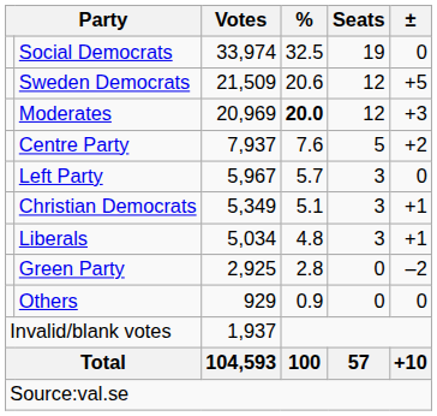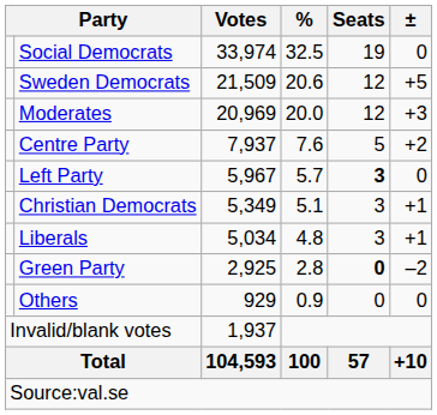 <table class=wikitable style=text-align:right>
 <tr>
 <th colspan=2>Party</th>
 <th>Votes</th>
 <th>%</th>
 <th>Seats</th>
 <th>±</th>
 </tr>
 <tr>
 <td bgcolor=></td>
 <td align=left><a href='#'>Social Democrats</a></td>
 <td>33,974</td>
 <td>32.5</td>
 <td>19</td>
 <td>0</td>
 </tr>
 <tr>
 <td bgcolor=></td>
 <td align=left><a href='#'>Sweden Democrats</a></td>
 <td>21,509</td>
 <td>20.6</td>
 <td>12</td>
 <td>+5</td>
 </tr>
 <tr>
 <td bgcolor=></td>
 <td align=left><a href='#'>Moderates</a></td>
 <td>20,969</td>
-<td><strong>20.0</strong></td>
+<td>20.0</td>
 <td>12</td>
 <td>+3</td>
 </tr>
 <tr>
 <td bgcolor=></td>
 <td align=left><a href='#'>Centre Party</a></td>
 <td>7,937</td>
 <td>7.6</td>
 <td>5</td>
 <td>+2</td>
 </tr>
 <tr>
 <td bgcolor=></td>
 <td align=left><a href='#'>Left Party</a></td>
 <td>5,967</td>
 <td>5.7</td>
-<td>3</td>
+<td><strong>3</strong></td>
 <td>0</td>
 </tr>
 <tr>
 <td bgcolor=></td>
 <td align=left><a href='#'>Christian Democrats</a></td>
 <td>5,349</td>
 <td>5.1</td>
 <td>3</td>
 <td>+1</td>
 </tr>
 <tr>
 <td bgcolor=></td>
 <td align=left><a href='#'>Liberals</a></td>
 <td>5,034</td>
 <td>4.8</td>
 <td>3</td>
 <td>+1</td>
 </tr>
 <tr>
 <td bgcolor=></td>
 <td align=left><a href='#'>Green Party</a></td>
 <td>2,925</td>
 <td>2.8</td>
-<td>0</td>
+<td><strong>0</strong></td>
 <td>–2</td>
 </tr>
 <tr>
 <td></td>
 <td align=left><a href='#'>Others</a></td>
 <td>929</td>
 <td>0.9</td>
 <td>0</td>
 <td>0</td>
 </tr>
 <tr>
 <td align=left colspan=2>Invalid/blank votes</td>
 <td>1,937</td>
 <td colspan=3></td>
 </tr>
 <tr>
 <th align=left colspan=2>Total</th>
 <th>104,593</th>
 <th>100</th>
 <th>57</th>
 <th>+10</th>
 </tr>
 <tr>
 <td align=left colspan=6>Source:val.se </td>
 </tr>
 </table>
